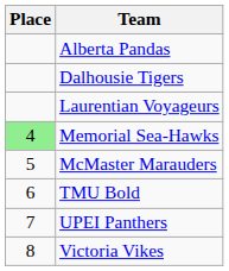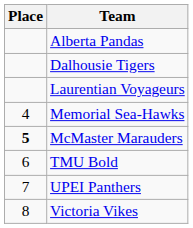 <table class="wikitable">
 <tr>
 <th>Place</th>
 <th>Team</th>
 </tr>
 <tr>
 <td align=center></td>
 <td> <a href='#'>Alberta Pandas</a></td>
 </tr>
 <tr>
 <td align=center></td>
 <td> <a href='#'>Dalhousie Tigers</a></td>
 </tr>
 <tr>
 <td align=center></td>
 <td> <a href='#'>Laurentian Voyageurs</a></td>
 </tr>
 <tr>
-<td align=center style="background: lightgreen;">4</td>
+<td align=center>4</td>
 <td> <a href='#'>Memorial Sea-Hawks</a></td>
 </tr>
 <tr>
-<td align=center>5</td>
+<td align=center><strong>5</strong></td>
 <td> <a href='#'>McMaster Marauders</a></td>
 </tr>
 <tr>
 <td align=center>6</td>
 <td> <a href='#'>TMU Bold</a></td>
 </tr>
 <tr>
 <td align=center>7</td>
 <td> <a href='#'>UPEI Panthers</a></td>
 </tr>
 <tr>
 <td align=center>8</td>
 <td> <a href='#'>Victoria Vikes</a></td>
 </tr>
 </table>
